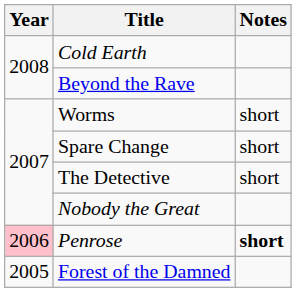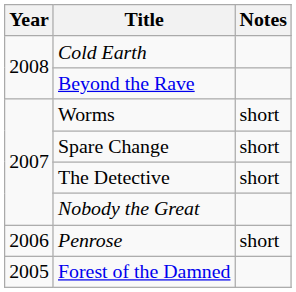 <table class="wikitable">
 <tr>
 <th>Year</th>
 <th>Title</th>
 <th>Notes</th>
 </tr>
 <tr>
 <td rowspan="2">2008</td>
 <td><em>Cold Earth</em></td>
 <td></td>
 </tr>
 <tr>
 <td><a href='#'>Beyond the Rave</a></td>
 <td></td>
 </tr>
 <tr>
 <td rowspan="4">2007</td>
 <td>Worms</td>
 <td>short</td>
 </tr>
 <tr>
 <td>Spare Change</td>
 <td>short</td>
 </tr>
 <tr>
 <td>The Detective</td>
 <td>short</td>
 </tr>
 <tr>
 <td><em>Nobody the Great</em></td>
 <td></td>
 </tr>
 <tr>
-<td style="background: pink;">2006</td>
+<td>2006</td>
 <td><em>Penrose</em></td>
-<td><strong>short</strong></td>
+<td>short</td>
 </tr>
 <tr>
 <td>2005</td>
 <td><a href='#'>Forest of the Damned</a></td>
 <td></td>
 </tr>
 </table>
